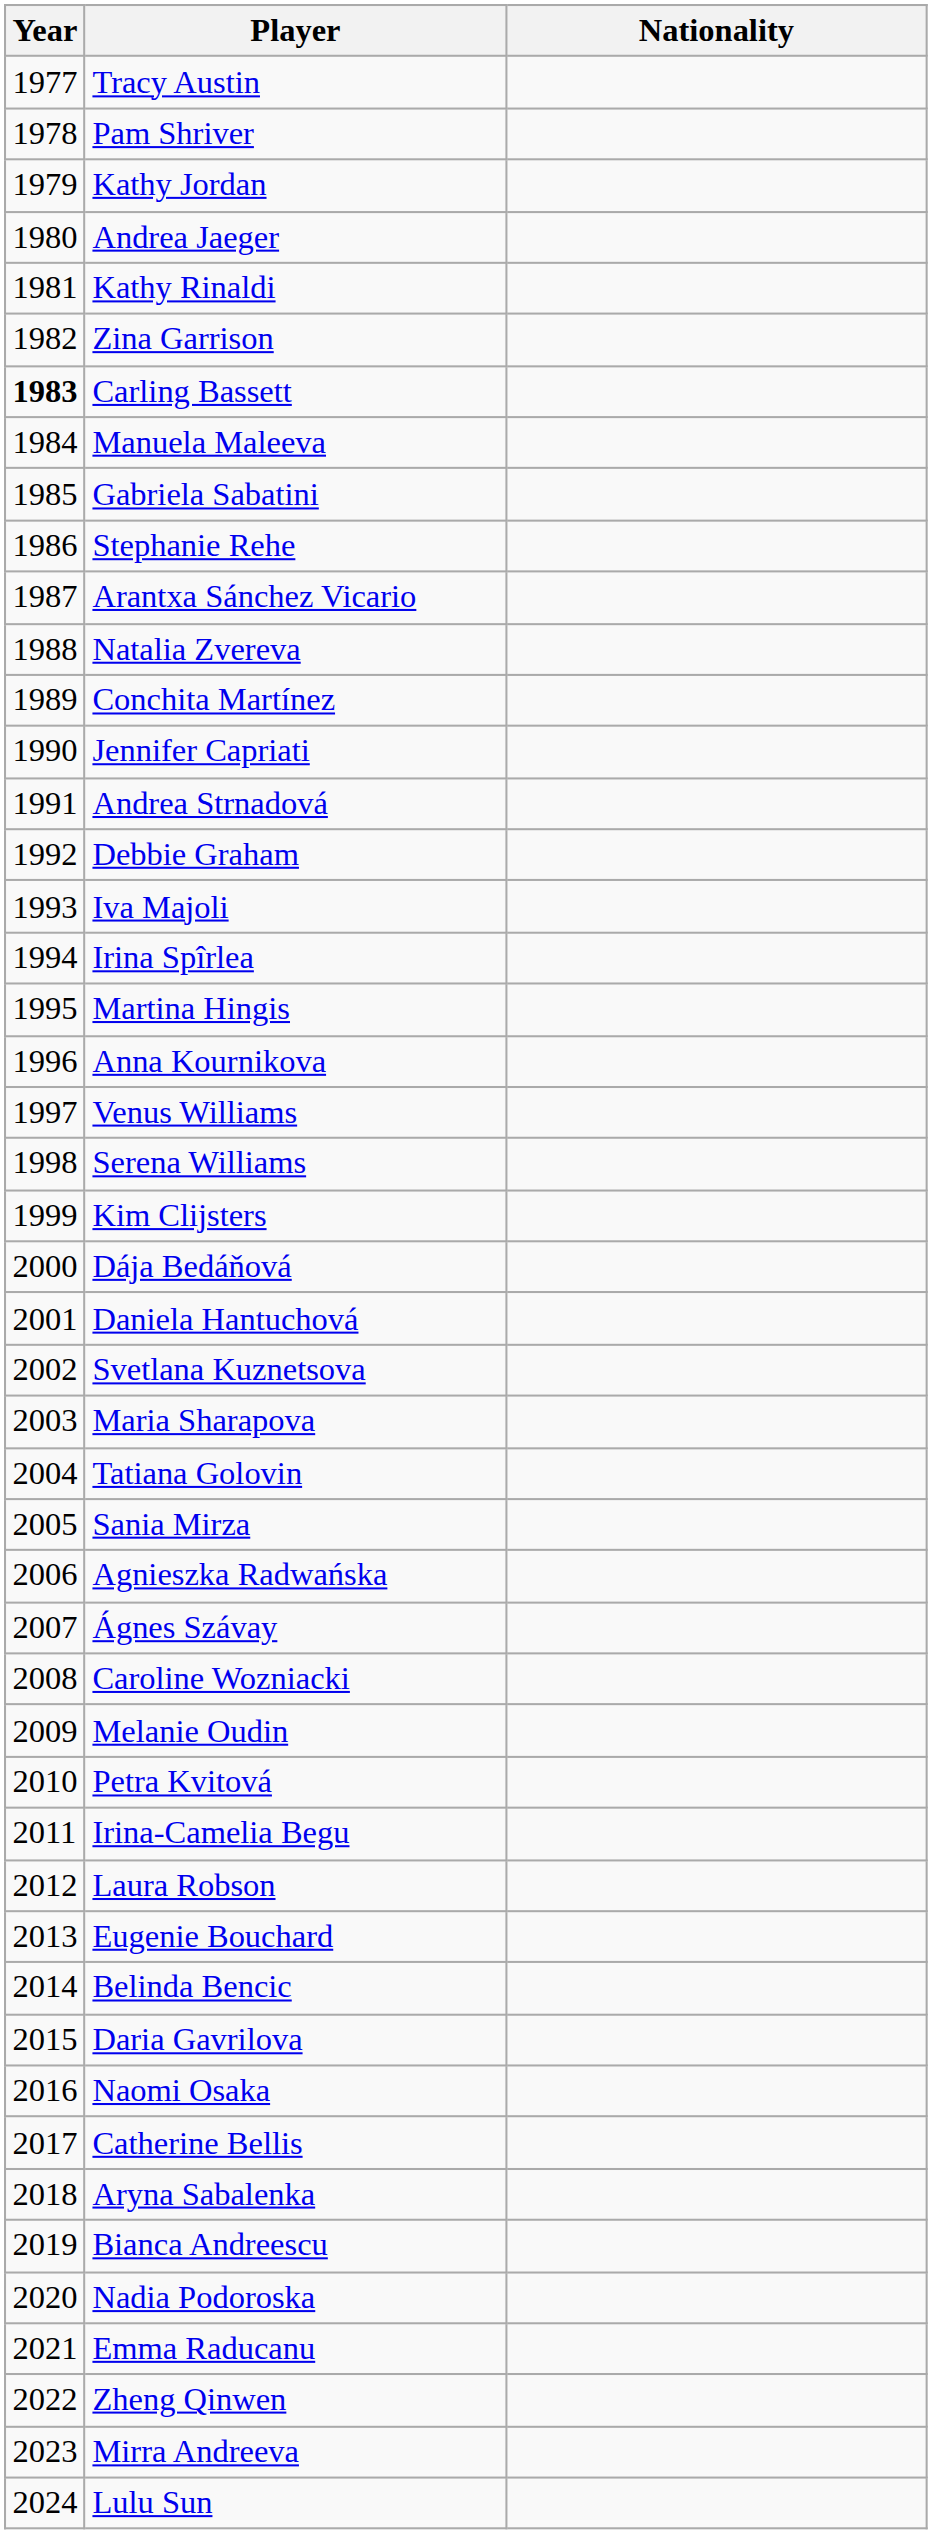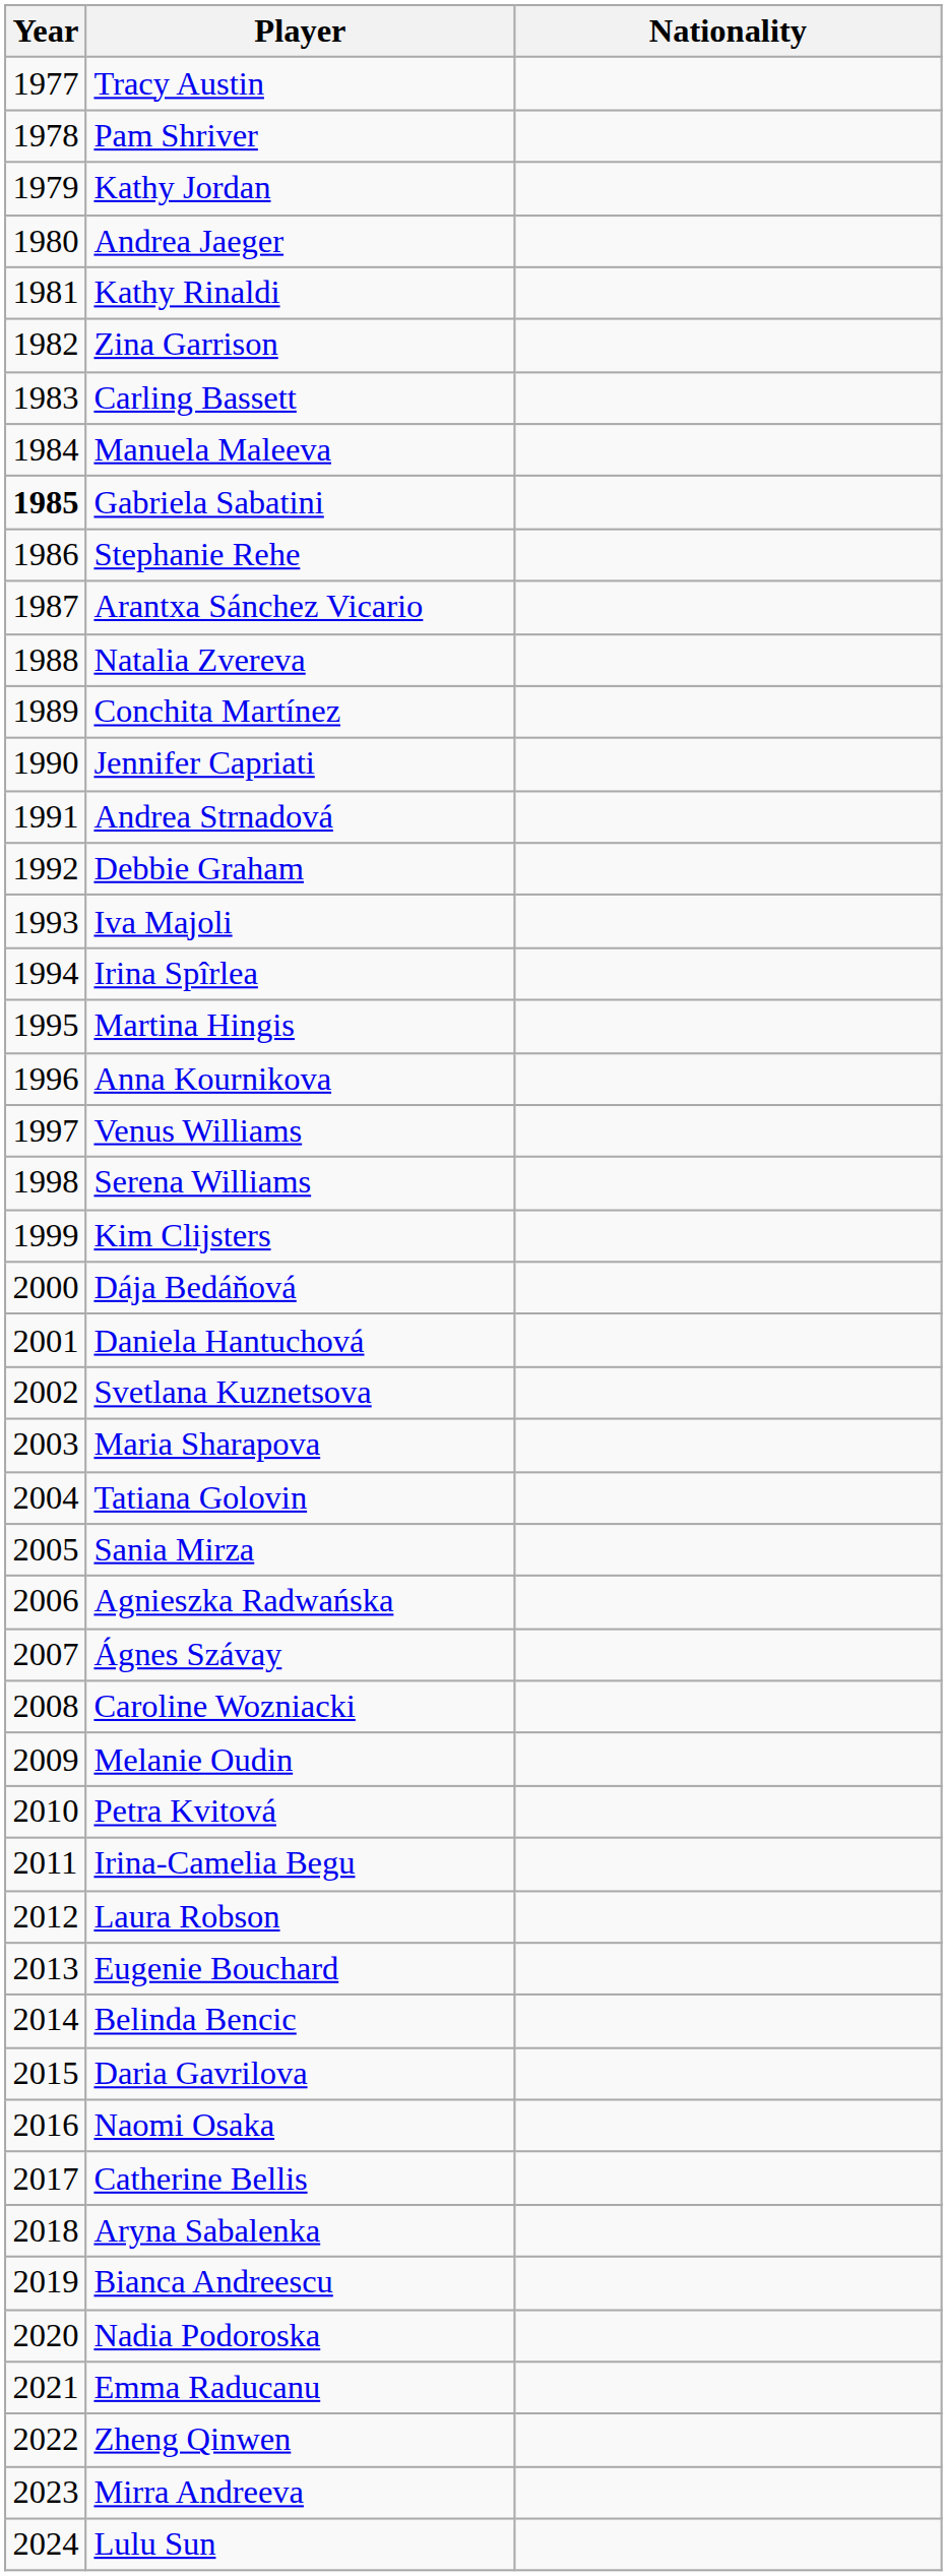 <table class="wikitable">
 <tr>
 <th>Year</th>
 <th width=200>Player</th>
 <th width=200>Nationality</th>
 </tr>
 <tr>
 <td>1977</td>
 <td><a href='#'>Tracy Austin</a></td>
 <td></td>
 </tr>
 <tr>
 <td>1978</td>
 <td><a href='#'>Pam Shriver</a></td>
 <td></td>
 </tr>
 <tr>
 <td>1979</td>
 <td><a href='#'>Kathy Jordan</a></td>
 <td></td>
 </tr>
 <tr>
 <td>1980</td>
 <td><a href='#'>Andrea Jaeger</a></td>
 <td></td>
 </tr>
 <tr>
 <td>1981</td>
 <td><a href='#'>Kathy Rinaldi</a></td>
 <td></td>
 </tr>
 <tr>
 <td>1982</td>
 <td><a href='#'>Zina Garrison</a></td>
 <td></td>
 </tr>
 <tr>
-<td><strong>1983</strong></td>
+<td>1983</td>
 <td><a href='#'>Carling Bassett</a></td>
 <td></td>
 </tr>
 <tr>
 <td>1984</td>
 <td><a href='#'>Manuela Maleeva</a></td>
 <td></td>
 </tr>
 <tr>
-<td>1985</td>
+<td><strong>1985</strong></td>
 <td><a href='#'>Gabriela Sabatini</a></td>
 <td></td>
 </tr>
 <tr>
 <td>1986</td>
 <td><a href='#'>Stephanie Rehe</a></td>
 <td></td>
 </tr>
 <tr>
 <td>1987</td>
 <td><a href='#'>Arantxa Sánchez Vicario</a></td>
 <td></td>
 </tr>
 <tr>
 <td>1988</td>
 <td><a href='#'>Natalia Zvereva</a></td>
 <td></td>
 </tr>
 <tr>
 <td>1989</td>
 <td><a href='#'>Conchita Martínez</a></td>
 <td></td>
 </tr>
 <tr>
 <td>1990</td>
 <td><a href='#'>Jennifer Capriati</a></td>
 <td></td>
 </tr>
 <tr>
 <td>1991</td>
 <td><a href='#'>Andrea Strnadová</a></td>
 <td></td>
 </tr>
 <tr>
 <td>1992</td>
 <td><a href='#'>Debbie Graham</a></td>
 <td></td>
 </tr>
 <tr>
 <td>1993</td>
 <td><a href='#'>Iva Majoli</a></td>
 <td></td>
 </tr>
 <tr>
 <td>1994</td>
 <td><a href='#'>Irina Spîrlea</a></td>
 <td></td>
 </tr>
 <tr>
 <td>1995</td>
 <td><a href='#'>Martina Hingis</a></td>
 <td></td>
 </tr>
 <tr>
 <td>1996</td>
 <td><a href='#'>Anna Kournikova</a></td>
 <td></td>
 </tr>
 <tr>
 <td>1997</td>
 <td><a href='#'>Venus Williams</a></td>
 <td></td>
 </tr>
 <tr>
 <td>1998</td>
 <td><a href='#'>Serena Williams</a></td>
 <td></td>
 </tr>
 <tr>
 <td>1999</td>
 <td><a href='#'>Kim Clijsters</a></td>
 <td></td>
 </tr>
 <tr>
 <td>2000</td>
 <td><a href='#'>Dája Bedáňová</a></td>
 <td></td>
 </tr>
 <tr>
 <td>2001</td>
 <td><a href='#'>Daniela Hantuchová</a></td>
 <td></td>
 </tr>
 <tr>
 <td>2002</td>
 <td><a href='#'>Svetlana Kuznetsova</a></td>
 <td></td>
 </tr>
 <tr>
 <td>2003</td>
 <td><a href='#'>Maria Sharapova</a></td>
 <td></td>
 </tr>
 <tr>
 <td>2004</td>
 <td><a href='#'>Tatiana Golovin</a></td>
 <td></td>
 </tr>
 <tr>
 <td>2005</td>
 <td><a href='#'>Sania Mirza</a></td>
 <td></td>
 </tr>
 <tr>
 <td>2006</td>
 <td><a href='#'>Agnieszka Radwańska</a></td>
 <td></td>
 </tr>
 <tr>
 <td>2007</td>
 <td><a href='#'>Ágnes Szávay</a></td>
 <td></td>
 </tr>
 <tr>
 <td>2008</td>
 <td><a href='#'>Caroline Wozniacki</a></td>
 <td></td>
 </tr>
 <tr>
 <td>2009</td>
 <td><a href='#'>Melanie Oudin</a></td>
 <td></td>
 </tr>
 <tr>
 <td>2010</td>
 <td><a href='#'>Petra Kvitová</a></td>
 <td></td>
 </tr>
 <tr>
 <td>2011</td>
 <td><a href='#'>Irina-Camelia Begu</a></td>
 <td></td>
 </tr>
 <tr>
 <td>2012</td>
 <td><a href='#'>Laura Robson</a></td>
 <td></td>
 </tr>
 <tr>
 <td>2013</td>
 <td><a href='#'>Eugenie Bouchard</a></td>
 <td></td>
 </tr>
 <tr>
 <td>2014</td>
 <td><a href='#'>Belinda Bencic</a></td>
 <td></td>
 </tr>
 <tr>
 <td>2015</td>
 <td><a href='#'>Daria Gavrilova</a></td>
 <td></td>
 </tr>
 <tr>
 <td>2016</td>
 <td><a href='#'>Naomi Osaka</a></td>
 <td></td>
 </tr>
 <tr>
 <td>2017</td>
 <td><a href='#'>Catherine Bellis</a></td>
 <td></td>
 </tr>
 <tr>
 <td>2018</td>
 <td><a href='#'>Aryna Sabalenka</a></td>
 <td></td>
 </tr>
 <tr>
 <td>2019</td>
 <td><a href='#'>Bianca Andreescu</a></td>
 <td></td>
 </tr>
 <tr>
 <td>2020</td>
 <td><a href='#'>Nadia Podoroska</a></td>
 <td></td>
 </tr>
 <tr>
 <td>2021</td>
 <td><a href='#'>Emma Raducanu</a></td>
 <td></td>
 </tr>
 <tr>
 <td>2022</td>
 <td><a href='#'>Zheng Qinwen</a></td>
 <td></td>
 </tr>
 <tr>
 <td>2023</td>
 <td><a href='#'>Mirra Andreeva</a></td>
 <td></td>
 </tr>
 <tr>
 <td>2024</td>
 <td><a href='#'>Lulu Sun</a></td>
 <td></td>
 </tr>
 </table>
